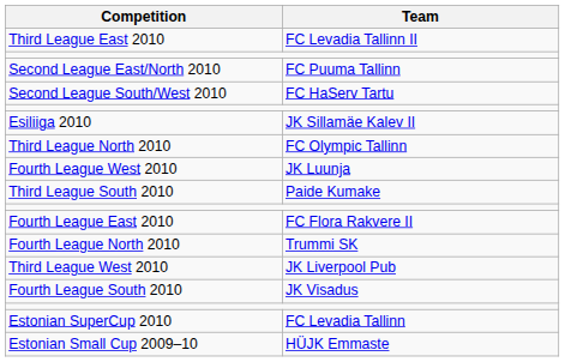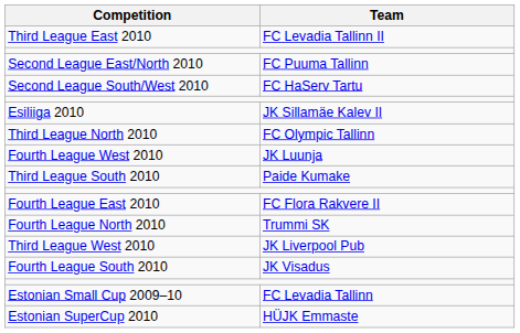 <table class="wikitable" style="text-align: left;">
 <tr>
 <th style="width: 300px;">Competition</th>
 <th style="width: 300px;">Team</th>
 </tr>
 <tr>
 <td><a href='#'>Third League East</a> 2010</td>
 <td><a href='#'>FC Levadia Tallinn II</a></td>
 </tr>
 <tr>
 <td colspan="2"></td>
 </tr>
 <tr>
 <td><a href='#'>Second League East/North</a> 2010</td>
 <td><a href='#'>FC Puuma Tallinn</a></td>
 </tr>
 <tr>
 <td><a href='#'>Second League South/West</a> 2010</td>
 <td><a href='#'>FC HaServ Tartu</a></td>
 </tr>
 <tr>
 <td colspan="2"></td>
 </tr>
 <tr>
 <td><a href='#'>Esiliiga</a> 2010</td>
 <td><a href='#'>JK Sillamäe Kalev II</a></td>
 </tr>
 <tr>
 <td><a href='#'>Third League North</a> 2010</td>
 <td><a href='#'>FC Olympic Tallinn</a></td>
 </tr>
 <tr>
 <td><a href='#'>Fourth League West</a> 2010</td>
 <td><a href='#'>JK Luunja</a></td>
 </tr>
 <tr>
 <td><a href='#'>Third League South</a> 2010</td>
 <td><a href='#'>Paide Kumake</a></td>
 </tr>
 <tr>
 <td colspan="2"></td>
 </tr>
 <tr>
 <td><a href='#'>Fourth League East</a> 2010</td>
 <td><a href='#'>FC Flora Rakvere II</a></td>
 </tr>
 <tr>
 <td><a href='#'>Fourth League North</a> 2010</td>
 <td><a href='#'>Trummi SK</a></td>
 </tr>
 <tr>
 <td><a href='#'>Third League West</a> 2010</td>
 <td><a href='#'>JK Liverpool Pub</a></td>
 </tr>
 <tr>
 <td><a href='#'>Fourth League South</a> 2010</td>
 <td><a href='#'>JK Visadus</a></td>
 </tr>
 <tr>
 <td colspan="2"></td>
 </tr>
 <tr>
-<td><a href='#'>Estonian SuperCup</a> 2010</td>
+<td><a href='#'>Estonian Small Cup</a> 2009–10</td>
 <td><a href='#'>FC Levadia Tallinn</a></td>
 </tr>
 <tr>
-<td><a href='#'>Estonian Small Cup</a> 2009–10</td>
+<td><a href='#'>Estonian SuperCup</a> 2010</td>
 <td><a href='#'>HÜJK Emmaste</a></td>
 </tr>
 </table>
